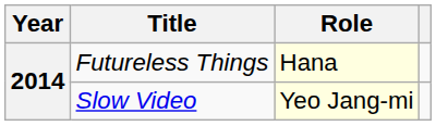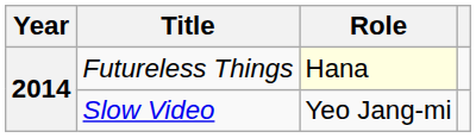 <table class="wikitable plainrowheaders">
 <tr>
 <th scope="col">Year</th>
 <th scope="col">Title</th>
 <th scope="col">Role</th>
 <th scope="col" class="unsortable"></th>
 </tr>
 <tr>
 <th scope="row" rowspan="2">2014</th>
 <td><em>Futureless Things</em></td>
 <td style="background: lightyellow;">Hana</td>
 <td style="text-align:center"></td>
 </tr>
 <tr>
 <td><em><a href='#'>Slow Video</a></em></td>
-<td style="background: lightyellow;">Yeo Jang-mi</td>
+<td>Yeo Jang-mi</td>
 <td style="text-align:center"></td>
 </tr>
 </table>
